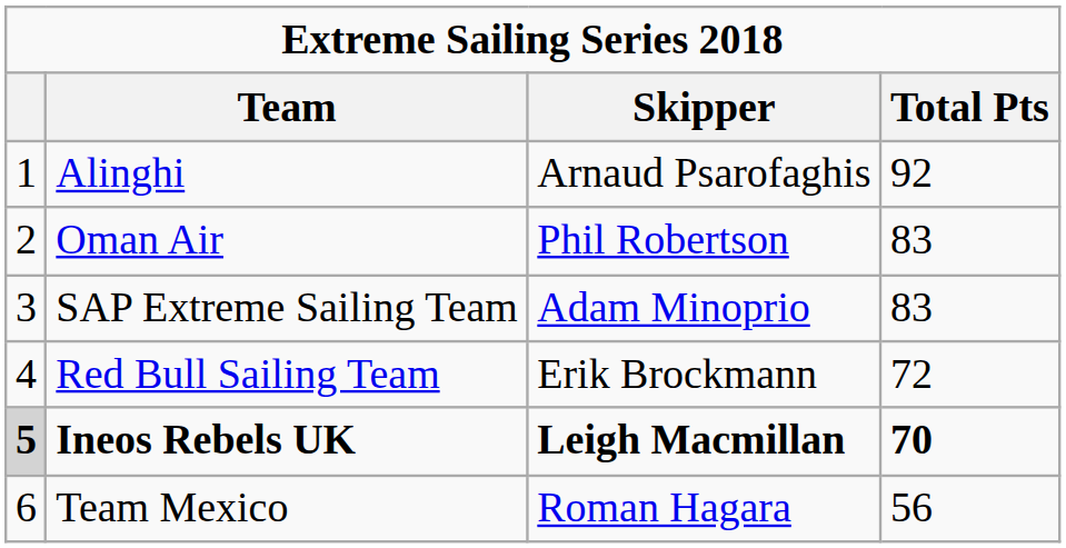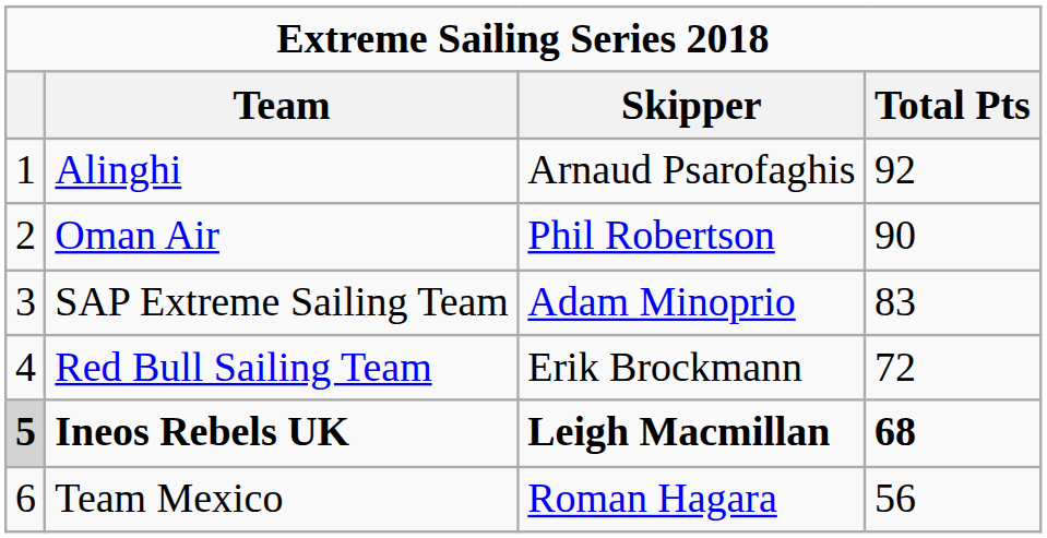 <table class="wikitable" style="display: inline-table;">
 <tr>
 <td colspan="6" style="text-align:center;"><strong>Extreme Sailing Series 2018</strong></td>
 </tr>
 <tr>
 <th></th>
 <th>Team</th>
 <th>Skipper</th>
 <th>Total Pts</th>
 </tr>
 <tr>
 <td>1</td>
 <td> <a href='#'>Alinghi</a></td>
 <td>Arnaud Psarofaghis</td>
 <td>92</td>
 </tr>
 <tr>
 <td>2</td>
 <td> <a href='#'>Oman Air</a></td>
 <td><a href='#'>Phil Robertson</a></td>
-<td>83</td>
+<td>90</td>
 </tr>
 <tr>
 <td>3</td>
 <td> SAP Extreme Sailing Team</td>
 <td><a href='#'>Adam Minoprio</a></td>
 <td>83</td>
 </tr>
 <tr>
 <td>4</td>
 <td> <a href='#'>Red Bull Sailing Team</a></td>
 <td>Erik Brockmann</td>
 <td>72</td>
 </tr>
 <tr>
 <td style="background: lightgrey;"><strong>5</strong></td>
 <td> <strong>Ineos Rebels UK</strong></td>
 <td><strong>Leigh Macmillan</strong></td>
-<td><strong>70</strong></td>
+<td><strong>68</strong></td>
 </tr>
 <tr>
 <td>6</td>
 <td> Team Mexico</td>
 <td><a href='#'>Roman Hagara</a></td>
 <td>56</td>
 </tr>
 </table>
